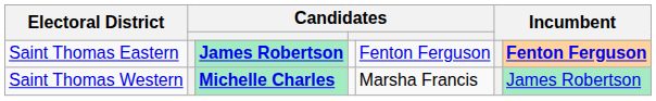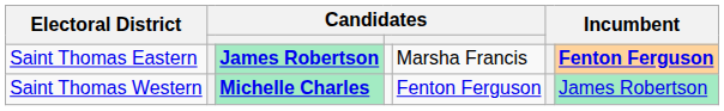 <table class="wikitable">
 <tr>
 <th rowspan="2">Electoral District</th>
 <th colspan="4">Candidates</th>
 <th colspan="2" rowspan="2">Incumbent</th>
 </tr>
 <tr>
 <th colspan="2" style="background:"><a href='#'></a></th>
 <th colspan="2" style="background:"><a href='#'></a></th>
 </tr>
 <tr>
 <td><a href='#'>Saint Thomas Eastern</a></td>
 <th style="background:"></th>
 <td style="background:#a3ebc3"><a href='#'><strong>James Robertson</strong></a></td>
 <td></td>
-<td><a href='#'>Fenton Ferguson</a></td>
+<td>Marsha Francis</td>
 <th style="background:"></th>
 <td style="background:#FFD39B"><strong><a href='#'>Fenton Ferguson</a></strong></td>
 </tr>
 <tr>
 <td><a href='#'>Saint Thomas Western</a></td>
 <th style="background:"></th>
 <td style="background:#a3ebc3"><strong><a href='#'>Michelle Charles</a></strong></td>
 <td></td>
-<td>Marsha Francis</td>
+<td><a href='#'>Fenton Ferguson</a></td>
 <th style="background:"></th>
 <td style="background:#a3ebc3"><a href='#'>James Robertson</a></td>
 </tr>
 </table>
